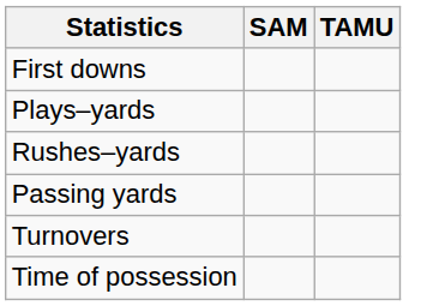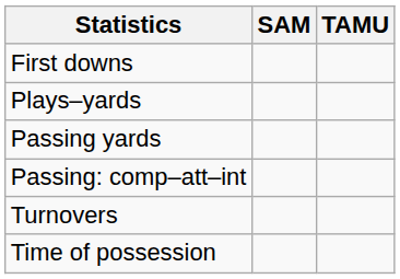 <table class="wikitable" style="float:left">
 <tr>
 <th>Statistics</th>
 <th>SAM</th>
 <th>TAMU</th>
 </tr>
 <tr>
 <td>First downs</td>
 <td></td>
 <td></td>
 </tr>
 <tr>
 <td>Plays–yards</td>
 <td></td>
 <td></td>
 </tr>
 <tr>
-<td>Rushes–yards</td>
+<td>Passing yards</td>
 <td></td>
 <td></td>
 </tr>
 <tr>
-<td>Passing yards</td>
+<td>Passing: comp–att–int</td>
 <td></td>
 <td></td>
 </tr>
 <tr>
 <td>Turnovers</td>
 <td></td>
 <td></td>
 </tr>
 <tr>
 <td>Time of possession</td>
 <td></td>
 <td></td>
 </tr>
 </table>
